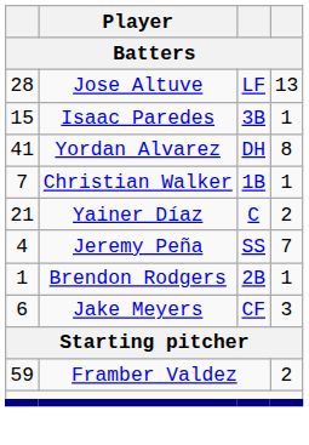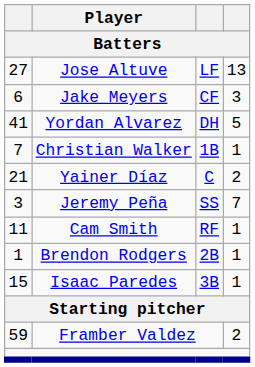 <table class="wikitable" style="text-align:center">
 <tr>
 <th></th>
 <th>Player</th>
 <th></th>
 <th></th>
 </tr>
 <tr>
 <th colspan="4">Batters</th>
 </tr>
 <tr>
-<td>28</td>
+<td>27</td>
 <td><a href='#'>Jose Altuve</a></td>
 <td><a href='#'>LF</a></td>
 <td>13</td>
 </tr>
 <tr>
-<td>15</td>
-<td><a href='#'>Isaac Paredes</a></td>
-<td><a href='#'>3B</a></td>
-<td>1</td>
+<td>6</td>
+<td><a href='#'>Jake Meyers</a></td>
+<td><a href='#'>CF</a></td>
+<td>3</td>
 </tr>
 <tr>
 <td>41</td>
 <td><a href='#'>Yordan Alvarez</a></td>
 <td><a href='#'>DH</a></td>
-<td>8</td>
+<td>5</td>
 </tr>
 <tr>
 <td>7</td>
 <td><a href='#'>Christian Walker</a></td>
 <td><a href='#'>1B</a></td>
 <td>1</td>
 </tr>
 <tr>
 <td>21</td>
 <td><a href='#'>Yainer Díaz</a></td>
 <td><a href='#'>C</a></td>
 <td>2</td>
 </tr>
 <tr>
-<td>4</td>
+<td>3</td>
 <td><a href='#'>Jeremy Peña</a></td>
 <td><a href='#'>SS</a></td>
 <td>7</td>
+</tr>
+<tr>
+<td>11</td>
+<td><a href='#'>Cam Smith</a></td>
+<td><a href='#'>RF</a></td>
+<td>1</td>
 </tr>
 <tr>
 <td>1</td>
 <td><a href='#'>Brendon Rodgers</a></td>
 <td><a href='#'>2B</a></td>
 <td>1</td>
 </tr>
 <tr>
-<td>6</td>
-<td><a href='#'>Jake Meyers</a></td>
-<td><a href='#'>CF</a></td>
-<td>3</td>
+<td>15</td>
+<td><a href='#'>Isaac Paredes</a></td>
+<td><a href='#'>3B</a></td>
+<td>1</td>
 </tr>
 <tr>
 <th colspan="4">Starting pitcher</th>
 </tr>
 <tr>
 <td>59</td>
 <td colspan="2"><a href='#'>Framber Valdez</a></td>
 <td>2</td>
 </tr>
 <tr>
 <td style="border-bottom:#020088 5px solid;" colspan="4"></td>
 </tr>
 </table>
